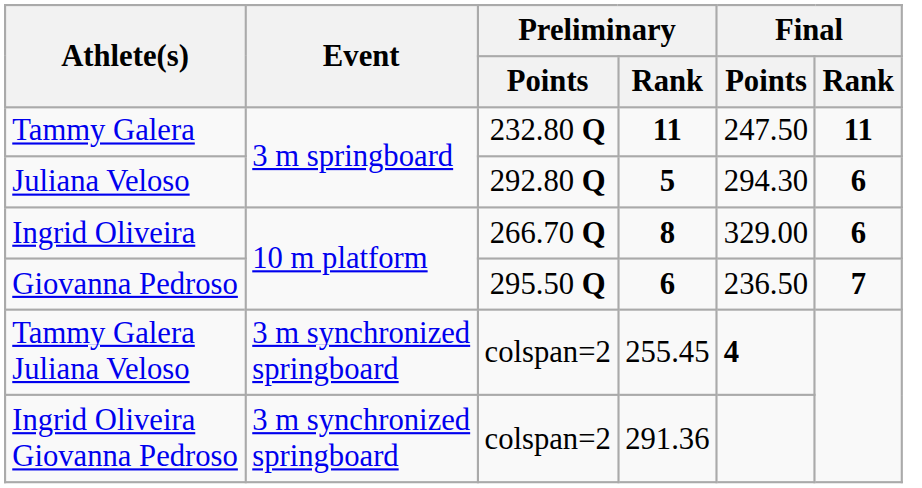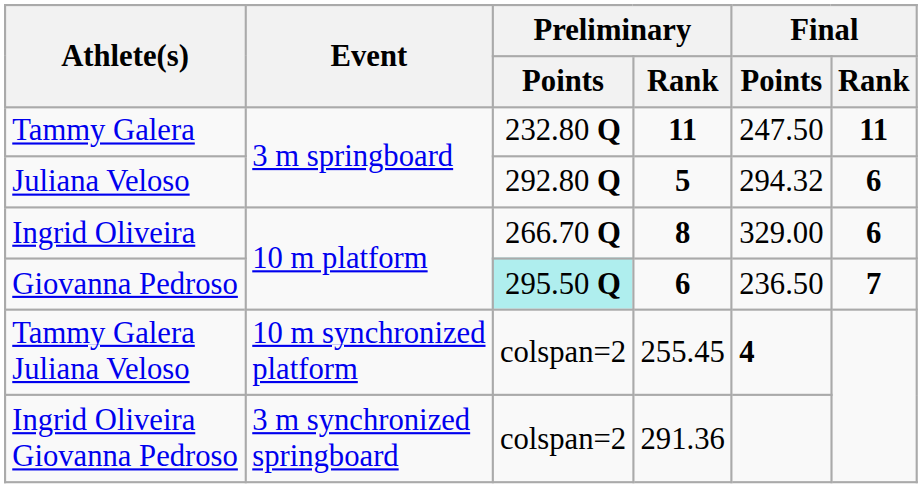 <table class=wikitable style="font-size:90%">
 <tr>
 <th rowspan="2">Athlete(s)</th>
 <th rowspan="2">Event</th>
 <th colspan="2">Preliminary</th>
 <th colspan="2">Final</th>
 </tr>
 <tr>
 <th>Points</th>
 <th>Rank</th>
 <th>Points</th>
 <th>Rank</th>
 </tr>
 <tr align=center>
 <td align=left><a href='#'>Tammy Galera</a></td>
 <td align=left rowspan=2><a href='#'>3 m springboard</a></td>
 <td>232.80 <strong>Q</strong></td>
 <td><strong>11</strong></td>
 <td>247.50</td>
 <td><strong>11</strong></td>
 </tr>
 <tr align=center>
 <td align=left><a href='#'>Juliana Veloso</a></td>
 <td>292.80 <strong>Q</strong></td>
 <td><strong>5</strong></td>
-<td>294.30</td>
+<td>294.32</td>
 <td><strong>6</strong></td>
 </tr>
 <tr align=center>
 <td align=left><a href='#'>Ingrid Oliveira</a></td>
 <td align=left rowspan=2><a href='#'>10 m platform</a></td>
 <td>266.70 <strong>Q</strong></td>
 <td><strong>8</strong></td>
 <td>329.00</td>
 <td><strong>6</strong></td>
 </tr>
 <tr align=center>
 <td align=left><a href='#'>Giovanna Pedroso</a></td>
-<td>295.50 <strong>Q</strong></td>
+<td style="background: paleturquoise;">295.50 <strong>Q</strong></td>
 <td><strong>6</strong></td>
 <td>236.50</td>
 <td><strong>7</strong></td>
 </tr>
 <tr>
 <td align=left><a href='#'>Tammy Galera</a><br><a href='#'>Juliana Veloso</a></td>
-<td align=left><a href='#'>3 m synchronized<br>springboard</a></td>
+<td align=left><a href='#'>10 m synchronized<br>platform</a></td>
 <td>colspan=2 </td>
 <td>255.45</td>
 <td><strong>4</strong></td>
 </tr>
 <tr>
 <td align=left><a href='#'>Ingrid Oliveira</a><br><a href='#'>Giovanna Pedroso</a></td>
 <td align=left><a href='#'>3 m synchronized<br>springboard</a></td>
 <td>colspan=2 </td>
 <td>291.36</td>
 <td></td>
 </tr>
 </table>
